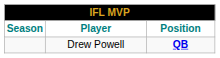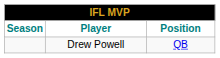 <table class="wikitable sortable" style="text-align:center">
 <tr>
 <td colspan="4" style="background:#000; color:#DAA520;"><strong>IFL MVP</strong></td>
 </tr>
 <tr>
 <th style="width:50px; background:white; color:teal;">Season</th>
 <th style="width:150px; background:white; color:teal;">Player</th>
 <th style="width:100px; background:white; color:teal;">Position</th>
 </tr>
 <tr>
 <td></td>
 <td>Drew Powell</td>
-<td><strong><a href='#'>QB</a></strong></td>
+<td><a href='#'>QB</a></td>
 </tr>
 </table>
